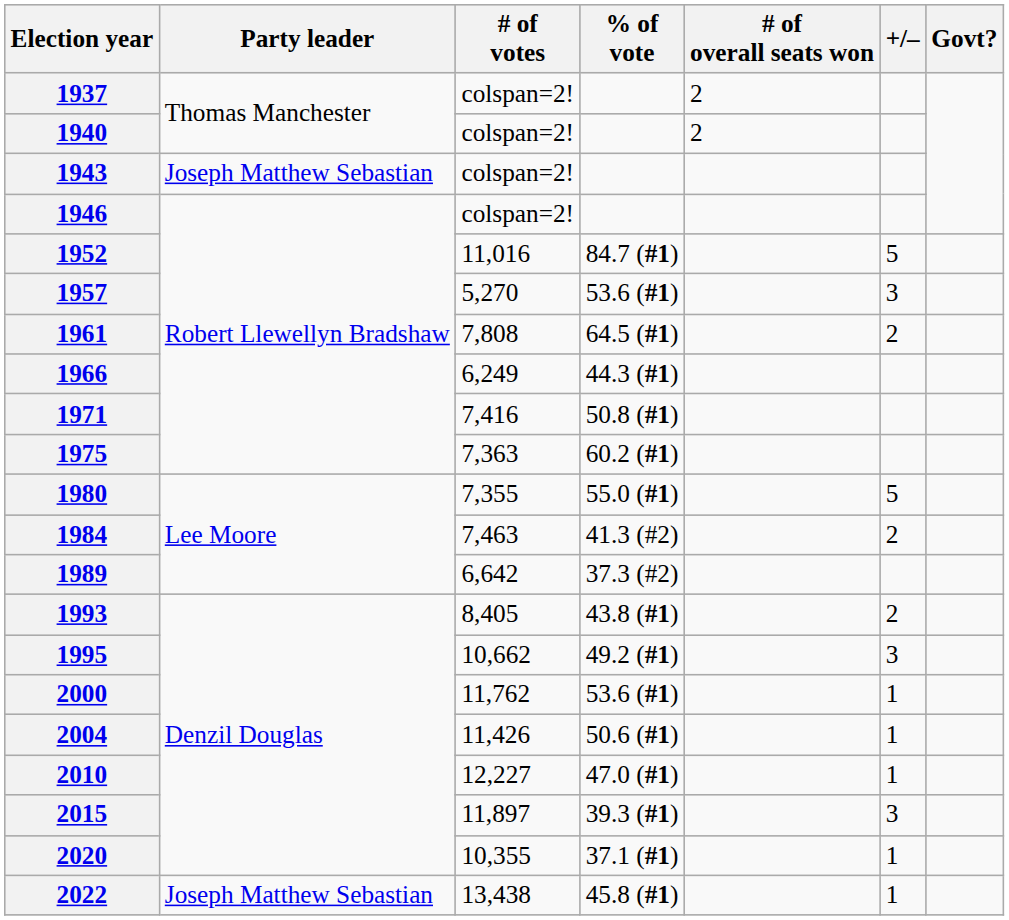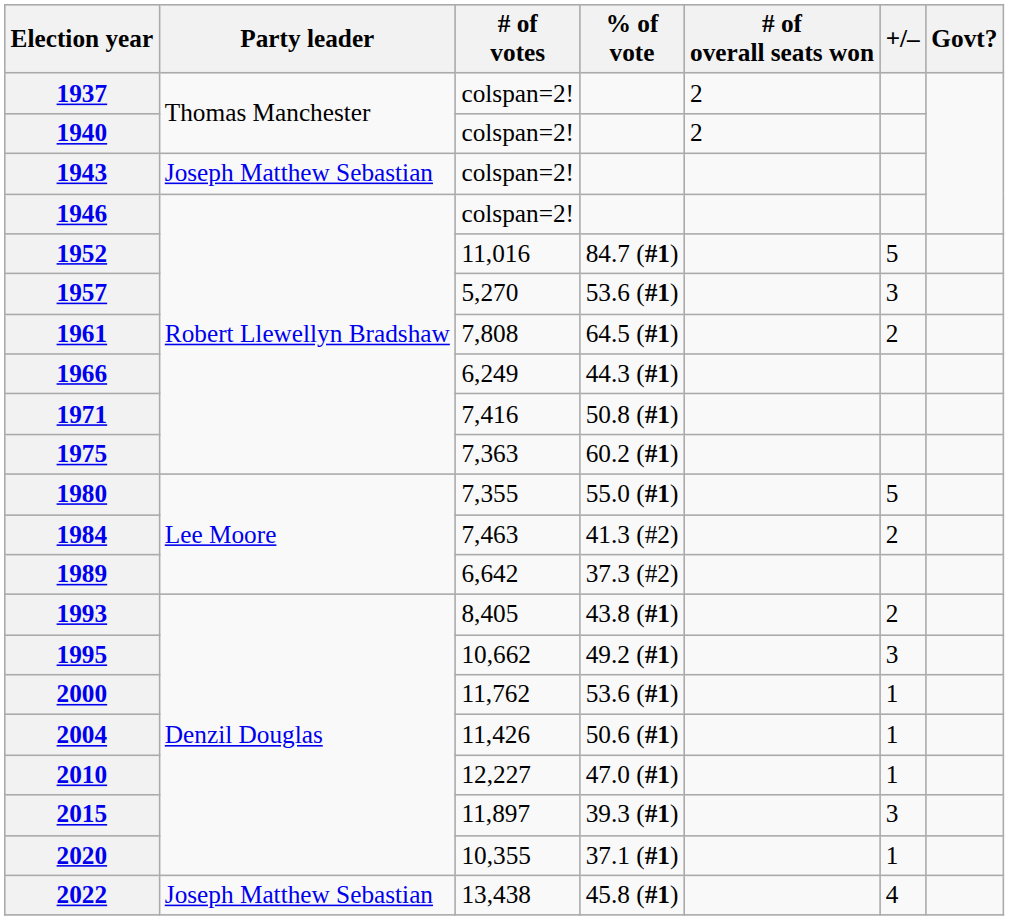 <table class=wikitable>
 <tr>
 <th>Election year</th>
 <th>Party leader</th>
 <th># of<br>votes</th>
 <th>% of<br>vote</th>
 <th># of<br>overall seats won</th>
 <th>+/–</th>
 <th>Govt?</th>
 </tr>
 <tr>
 <th><a href='#'>1937</a></th>
 <td rowspan="2">Thomas Manchester</td>
 <td>colspan=2! </td>
 <td></td>
 <td>2</td>
 <td></td>
 </tr>
 <tr>
 <th><a href='#'>1940</a></th>
 <td>colspan=2! </td>
 <td></td>
 <td>2</td>
 <td></td>
 </tr>
 <tr>
 <th><a href='#'>1943</a></th>
 <td><a href='#'>Joseph Matthew Sebastian</a></td>
 <td>colspan=2! </td>
 <td></td>
 <td></td>
 <td></td>
 </tr>
 <tr>
 <th><a href='#'>1946</a></th>
 <td rowspan="7"><a href='#'>Robert Llewellyn Bradshaw</a></td>
 <td>colspan=2! </td>
 <td></td>
 <td></td>
 <td></td>
 </tr>
 <tr>
 <th><a href='#'>1952</a></th>
 <td>11,016</td>
 <td>84.7 (<strong>#1</strong>)</td>
 <td></td>
 <td>5</td>
 <td></td>
 </tr>
 <tr>
 <th><a href='#'>1957</a></th>
 <td>5,270</td>
 <td>53.6 (<strong>#1</strong>)</td>
 <td></td>
 <td>3</td>
 <td></td>
 </tr>
 <tr>
 <th><a href='#'>1961</a></th>
 <td>7,808</td>
 <td>64.5 (<strong>#1</strong>)</td>
 <td></td>
 <td>2</td>
 <td></td>
 </tr>
 <tr>
 <th><a href='#'>1966</a></th>
 <td>6,249</td>
 <td>44.3 (<strong>#1</strong>)</td>
 <td></td>
 <td></td>
 <td></td>
 </tr>
 <tr>
 <th><a href='#'>1971</a></th>
 <td>7,416</td>
 <td>50.8 (<strong>#1</strong>)</td>
 <td></td>
 <td></td>
 <td></td>
 </tr>
 <tr>
 <th><a href='#'>1975</a></th>
 <td>7,363</td>
 <td>60.2 (<strong>#1</strong>)</td>
 <td></td>
 <td></td>
 <td></td>
 </tr>
 <tr>
 <th><a href='#'>1980</a></th>
 <td rowspan="3"><a href='#'>Lee Moore</a></td>
 <td>7,355</td>
 <td>55.0 (<strong>#1</strong>)</td>
 <td></td>
 <td>5</td>
 <td></td>
 </tr>
 <tr>
 <th><a href='#'>1984</a></th>
 <td>7,463</td>
 <td>41.3 (#2)</td>
 <td></td>
 <td>2</td>
 <td></td>
 </tr>
 <tr>
 <th><a href='#'>1989</a></th>
 <td>6,642</td>
 <td>37.3 (#2)</td>
 <td></td>
 <td></td>
 <td></td>
 </tr>
 <tr>
 <th><a href='#'>1993</a></th>
 <td rowspan="7"><a href='#'>Denzil Douglas</a></td>
 <td>8,405</td>
 <td>43.8 (<strong>#1</strong>)</td>
 <td></td>
 <td>2</td>
 <td></td>
 </tr>
 <tr>
 <th><a href='#'>1995</a></th>
 <td>10,662</td>
 <td>49.2 (<strong>#1</strong>)</td>
 <td></td>
 <td>3</td>
 <td></td>
 </tr>
 <tr>
 <th><a href='#'>2000</a></th>
 <td>11,762</td>
 <td>53.6 (<strong>#1</strong>)</td>
 <td></td>
 <td>1</td>
 <td></td>
 </tr>
 <tr>
 <th><a href='#'>2004</a></th>
 <td>11,426</td>
 <td>50.6 (<strong>#1</strong>)</td>
 <td></td>
 <td>1</td>
 <td></td>
 </tr>
 <tr>
 <th><a href='#'>2010</a></th>
 <td>12,227</td>
 <td>47.0 (<strong>#1</strong>)</td>
 <td></td>
 <td>1</td>
 <td></td>
 </tr>
 <tr>
 <th><a href='#'>2015</a></th>
 <td>11,897</td>
 <td>39.3 (<strong>#1</strong>)</td>
 <td></td>
 <td>3</td>
 <td></td>
 </tr>
 <tr>
 <th><a href='#'>2020</a></th>
 <td>10,355</td>
 <td>37.1 (<strong>#1</strong>)</td>
 <td></td>
 <td>1</td>
 <td></td>
 </tr>
 <tr>
 <th><a href='#'>2022</a></th>
 <td><a href='#'>Joseph Matthew Sebastian</a></td>
 <td>13,438</td>
 <td>45.8 (<strong>#1</strong>)</td>
 <td></td>
-<td>1</td>
+<td>4</td>
 <td></td>
 </tr>
 </table>
